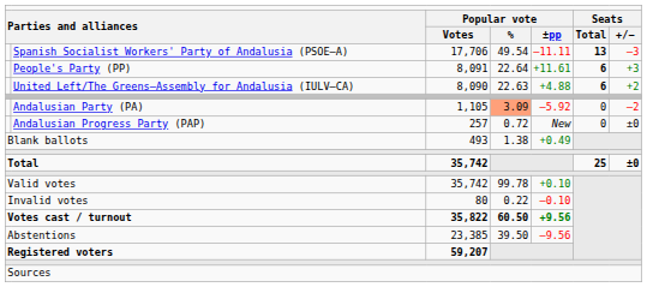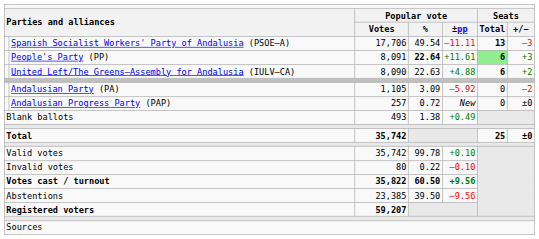 <table class="wikitable" style="text-align:right;">
 <tr>
 <td colspan="7"></td>
 </tr>
 <tr>
 <th style="text-align:left;" rowspan="2" colspan="2" width="525">Parties and alliances</th>
 <th colspan="3">Popular vote</th>
 <th colspan="2">Seats</th>
 </tr>
 <tr>
 <th width="75">Votes</th>
 <th width="45">%</th>
 <th width="45">±<a href='#'>pp</a></th>
 <th width="35">Total</th>
 <th width="35">+/−</th>
 </tr>
 <tr>
 <td width="1" style="color:inherit;background:"></td>
 <td align="left"><a href='#'>Spanish Socialist Workers' Party of Andalusia</a> (PSOE–A)</td>
 <td>17,706</td>
 <td>49.54</td>
 <td style="color:red;">–11.11</td>
 <td><strong>13</strong></td>
 <td style="color:red;">–3</td>
 </tr>
 <tr>
 <td style="color:inherit;background:"></td>
 <td align="left"><a href='#'>People's Party</a> (PP)</td>
 <td>8,091</td>
-<td>22.64</td>
+<td><strong>22.64</strong></td>
 <td style="color:green;">+11.61</td>
-<td><strong>6</strong></td>
+<td style="background: lightgreen;"><strong>6</strong></td>
 <td style="color:green;">+3</td>
 </tr>
 <tr>
 <td style="color:inherit;background:"></td>
 <td align="left"><a href='#'>United Left/The Greens–Assembly for Andalusia</a> (IULV–CA)</td>
 <td>8,090</td>
 <td>22.63</td>
 <td style="color:green;">+4.88</td>
 <td><strong>6</strong></td>
 <td style="color:green;">+2</td>
 </tr>
 <tr>
 <td colspan="7" bgcolor="#C0C0C0"></td>
 </tr>
 <tr>
 <td style="color:inherit;background:"></td>
 <td align="left"><a href='#'>Andalusian Party</a> (PA)</td>
 <td>1,105</td>
-<td style="background: lightsalmon;">3.09</td>
+<td>3.09</td>
 <td style="color:red;">–5.92</td>
 <td>0</td>
 <td style="color:red;">–2</td>
 </tr>
 <tr>
 <td style="color:inherit;background:"></td>
 <td align="left"><a href='#'>Andalusian Progress Party</a> (PAP)</td>
 <td>257</td>
 <td>0.72</td>
 <td><em>New</em></td>
 <td>0</td>
 <td>±0</td>
 </tr>
 <tr>
 <td align="left" colspan="2">Blank ballots</td>
 <td>493</td>
 <td>1.38</td>
 <td style="color:green;">+0.49</td>
 <td bgcolor="#E9E9E9" colspan="2"></td>
 </tr>
 <tr>
 <td colspan="7" bgcolor="#E9E9E9"></td>
 </tr>
 <tr style="font-weight:bold;">
 <td align="left" colspan="2">Total</td>
 <td>35,742</td>
 <td bgcolor="#E9E9E9" colspan="2"></td>
 <td>25</td>
 <td>±0</td>
 </tr>
 <tr>
 <td colspan="7" bgcolor="#E9E9E9"></td>
 </tr>
 <tr>
 <td align="left" colspan="2">Valid votes</td>
 <td>35,742</td>
 <td>99.78</td>
 <td style="color:green;">+0.10</td>
 <td bgcolor="#E9E9E9" colspan="2" rowspan="5"></td>
 </tr>
 <tr>
 <td align="left" colspan="2">Invalid votes</td>
 <td>80</td>
 <td>0.22</td>
 <td style="color:red;">–0.10</td>
 </tr>
 <tr style="font-weight:bold;">
 <td align="left" colspan="2">Votes cast / turnout</td>
 <td>35,822</td>
 <td>60.50</td>
 <td style="color:green;">+9.56</td>
 </tr>
 <tr>
 <td align="left" colspan="2">Abstentions</td>
 <td>23,385</td>
 <td>39.50</td>
 <td style="color:red;">–9.56</td>
 </tr>
 <tr style="font-weight:bold;">
 <td align="left" colspan="2">Registered voters</td>
 <td>59,207</td>
 <td bgcolor="#E9E9E9" colspan="2"></td>
 </tr>
 <tr>
 <td colspan="7" bgcolor="#E9E9E9"></td>
 </tr>
 <tr>
 <td align="left" colspan="7">Sources</td>
 </tr>
 </table>
